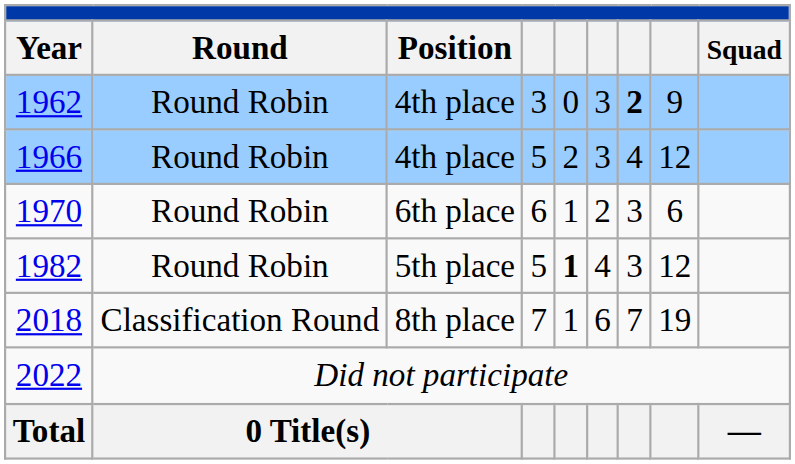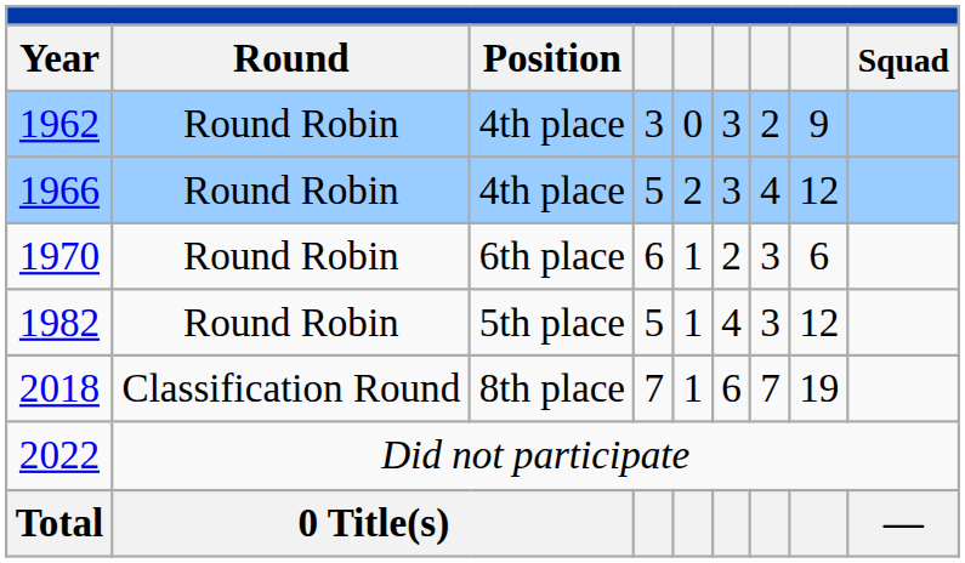 <table class="wikitable" style="text-align: center; font-size:95%;">
 <tr bgcolor=#9acdff>
 <th colspan=9 style="background:#0038A8; color:#FFFFFF;"><a href='#'></a></th>
 </tr>
 <tr>
 <th>Year</th>
 <th>Round</th>
 <th>Position</th>
 <th></th>
 <th></th>
 <th></th>
 <th></th>
 <th></th>
 <th><small>Squad</small></th>
 </tr>
 <tr bgcolor=#9acdff>
 <td> <a href='#'>1962</a></td>
 <td>Round Robin</td>
 <td>4th place</td>
 <td>3</td>
 <td>0</td>
 <td>3</td>
-<td><strong>2</strong></td>
+<td>2</td>
 <td>9</td>
 <td></td>
 </tr>
 <tr bgcolor=#9acdff>
 <td> <a href='#'>1966</a></td>
 <td>Round Robin</td>
 <td>4th place</td>
 <td>5</td>
 <td>2</td>
 <td>3</td>
 <td>4</td>
 <td>12</td>
 <td></td>
 </tr>
 <tr>
 <td> <a href='#'>1970</a></td>
 <td>Round Robin</td>
 <td>6th place</td>
 <td>6</td>
 <td>1</td>
 <td>2</td>
 <td>3</td>
 <td>6</td>
 <td></td>
 </tr>
 <tr>
 <td> <a href='#'>1982</a></td>
 <td>Round Robin</td>
 <td>5th place</td>
 <td>5</td>
-<td><strong>1</strong></td>
+<td>1</td>
 <td>4</td>
 <td>3</td>
 <td>12</td>
 <td></td>
 </tr>
 <tr>
 <td> <a href='#'>2018</a></td>
 <td>Classification Round</td>
 <td>8th place</td>
 <td>7</td>
 <td>1</td>
 <td>6</td>
 <td>7</td>
 <td>19</td>
 <td></td>
 </tr>
 <tr>
 <td> <a href='#'>2022</a></td>
 <td colspan=8><em>Did not participate</em></td>
 </tr>
 <tr>
 <th>Total</th>
 <th colspan="2">0 Title(s)</th>
 <th></th>
 <th></th>
 <th></th>
 <th></th>
 <th></th>
 <th>—</th>
 </tr>
 </table>
